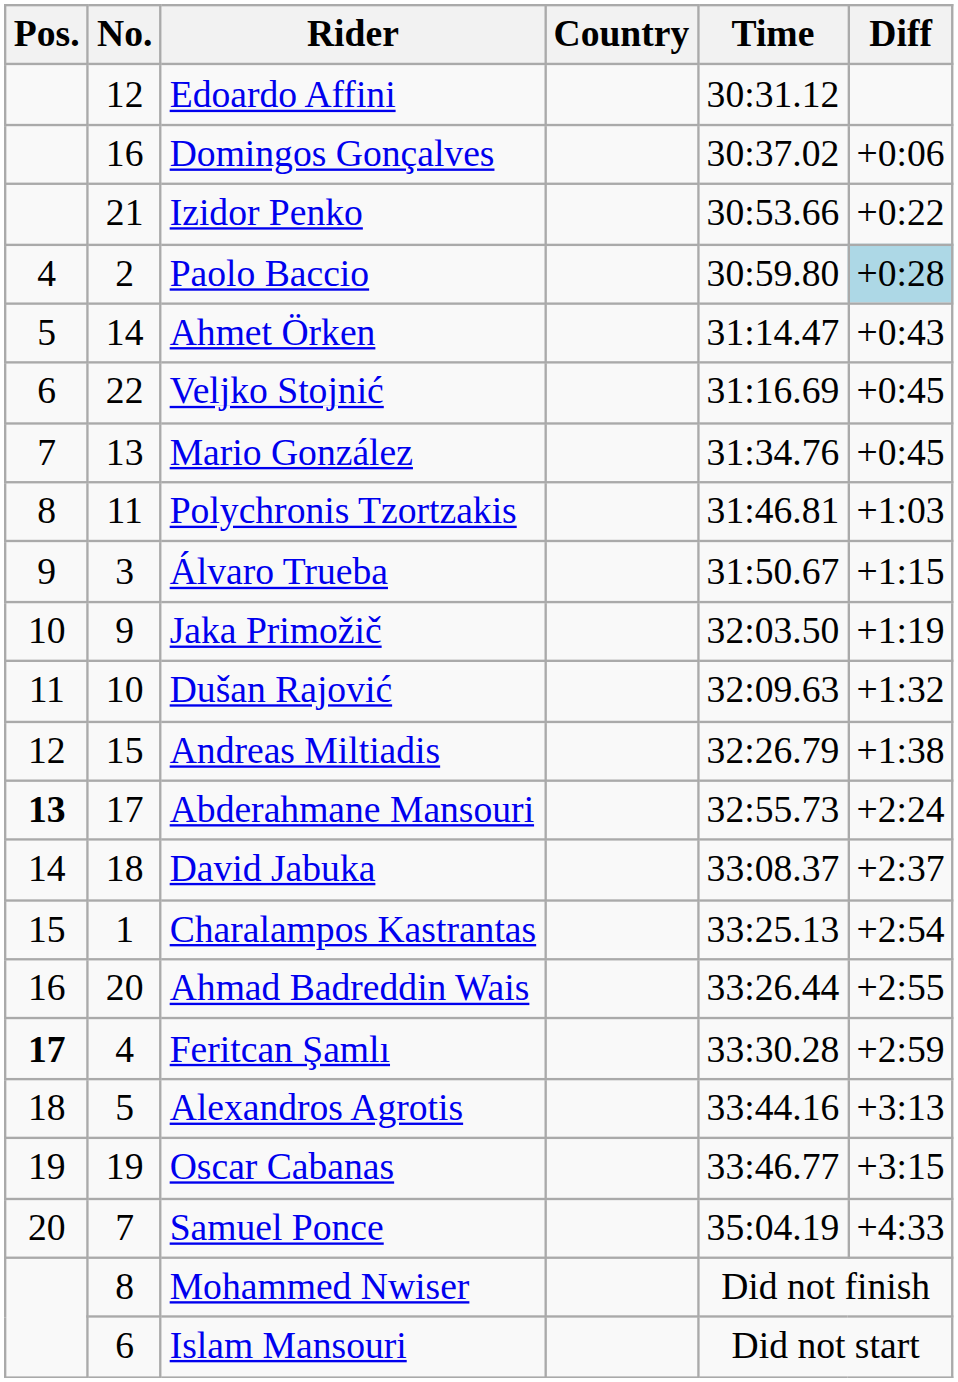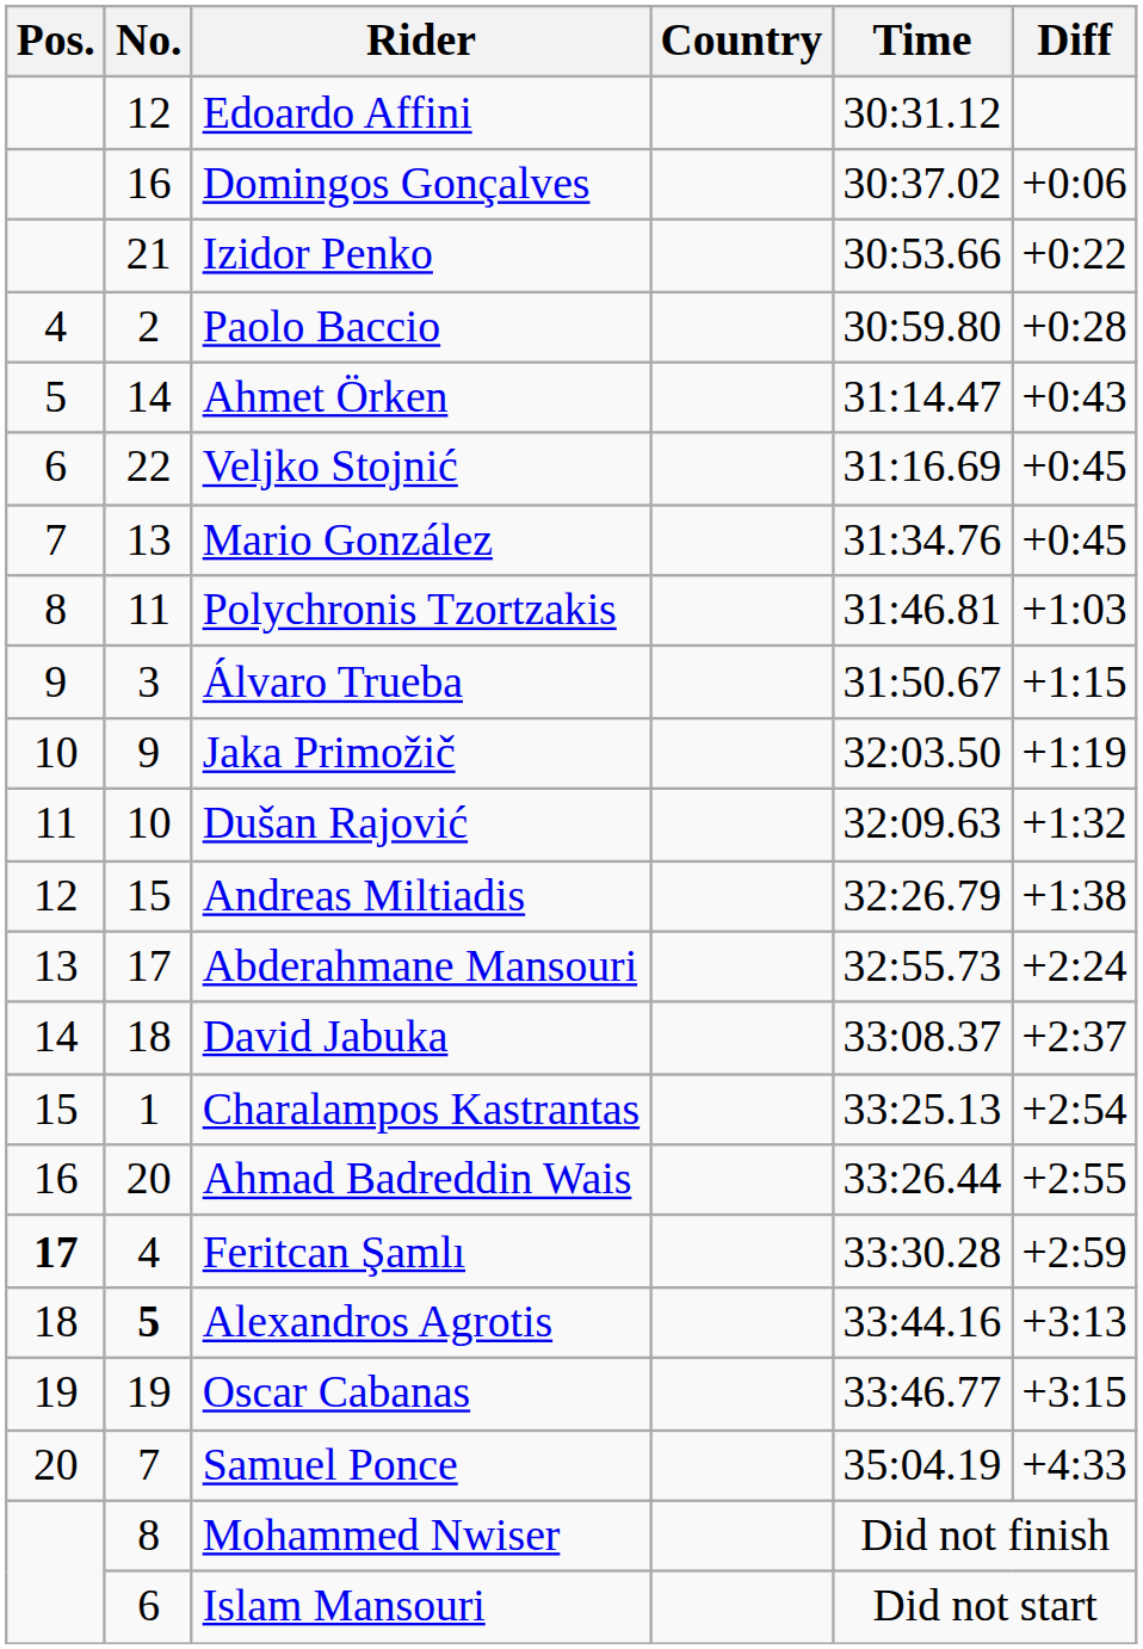 <table class="wikitable sortable" style="text-align:left;">
 <tr>
 <th scope="col">Pos.</th>
 <th scope="col">No.</th>
 <th scope="col">Rider</th>
 <th scope="col">Country</th>
 <th scope="col">Time</th>
 <th>Diff</th>
 </tr>
 <tr>
 <td align=center></td>
 <td align=center>12</td>
 <td data-sort-value="Affini, Edoardo"><a href='#'>Edoardo Affini</a></td>
 <td></td>
 <td>30:31.12</td>
 <td></td>
 </tr>
 <tr>
 <td align=center></td>
 <td align=center>16</td>
 <td data-sort-value="Gonçalves, Domingos"><a href='#'>Domingos Gonçalves</a></td>
 <td></td>
 <td>30:37.02</td>
 <td>+0:06</td>
 </tr>
 <tr>
 <td align=center></td>
 <td align=center>21</td>
 <td data-sort-value="Penko, Izidor"><a href='#'>Izidor Penko</a></td>
 <td></td>
 <td>30:53.66</td>
 <td>+0:22</td>
 </tr>
 <tr>
 <td align=center data-sort-value="04">4</td>
 <td align=center>2</td>
 <td data-sort-value="Baccio, Paolo"><a href='#'>Paolo Baccio</a></td>
 <td></td>
 <td>30:59.80</td>
-<td style="background: lightblue;">+0:28</td>
+<td>+0:28</td>
 </tr>
 <tr>
 <td align=center data-sort-value="05">5</td>
 <td align=center>14</td>
 <td data-sort-value="Orken, Ahmet"><a href='#'>Ahmet Örken</a></td>
 <td></td>
 <td>31:14.47</td>
 <td>+0:43</td>
 </tr>
 <tr>
 <td align=center data-sort-value="06">6</td>
 <td align=center>22</td>
 <td data-sort-value="Stojnic, Veljko"><a href='#'>Veljko Stojnić</a></td>
 <td></td>
 <td>31:16.69</td>
 <td>+0:45</td>
 </tr>
 <tr>
 <td align=center data-sort-value="07">7</td>
 <td align=center>13</td>
 <td data-sort-value="Gonzalez, Mario"><a href='#'>Mario González</a></td>
 <td></td>
 <td>31:34.76</td>
 <td>+0:45</td>
 </tr>
 <tr>
 <td align=center data-sort-value="08">8</td>
 <td align=center>11</td>
 <td data-sort-value="Tzortakis, Polychronis"><a href='#'>Polychronis Tzortzakis</a></td>
 <td></td>
 <td>31:46.81</td>
 <td>+1:03</td>
 </tr>
 <tr>
 <td align=center data-sort-value="09">9</td>
 <td align=center>3</td>
 <td data-sort-value="Trueba, Alvaro"><a href='#'>Álvaro Trueba</a></td>
 <td></td>
 <td>31:50.67</td>
 <td>+1:15</td>
 </tr>
 <tr>
 <td align=center>10</td>
 <td align=center>9</td>
 <td data-sort-value="Primozic, Jaka"><a href='#'>Jaka Primožič</a></td>
 <td></td>
 <td>32:03.50</td>
 <td>+1:19</td>
 </tr>
 <tr>
 <td align=center>11</td>
 <td align=center>10</td>
 <td data-sort-value="Rajovic, Dusan"><a href='#'>Dušan Rajović</a></td>
 <td></td>
 <td>32:09.63</td>
 <td>+1:32</td>
 </tr>
 <tr>
 <td align=center>12</td>
 <td align=center>15</td>
 <td data-sort-value="Miltiadis, Andreas"><a href='#'>Andreas Miltiadis</a></td>
 <td></td>
 <td>32:26.79</td>
 <td>+1:38</td>
 </tr>
 <tr>
-<td align=center><strong>13</strong></td>
+<td align=center>13</td>
 <td align=center>17</td>
 <td data-sort-value="Mansouri, Abderahmane"><a href='#'>Abderahmane Mansouri</a></td>
 <td></td>
 <td>32:55.73</td>
 <td>+2:24</td>
 </tr>
 <tr>
 <td align=center>14</td>
 <td align=center>18</td>
 <td data-sort-value="Jabuka, David"><a href='#'>David Jabuka</a></td>
 <td></td>
 <td>33:08.37</td>
 <td>+2:37</td>
 </tr>
 <tr>
 <td align=center>15</td>
 <td align=center>1</td>
 <td data-sort-value="Kastrantas, Charalampos"><a href='#'>Charalampos Kastrantas</a></td>
 <td></td>
 <td>33:25.13</td>
 <td>+2:54</td>
 </tr>
 <tr>
 <td align=center>16</td>
 <td align=center>20</td>
 <td data-sort-value="Wais, Ahmad Badreddin"><a href='#'>Ahmad Badreddin Wais</a></td>
 <td></td>
 <td>33:26.44</td>
 <td>+2:55</td>
 </tr>
 <tr>
 <td align=center><strong>17</strong></td>
 <td align=center>4</td>
 <td data-sort-value="Samli, Feritcan"><a href='#'>Feritcan Şamlı</a></td>
 <td></td>
 <td>33:30.28</td>
 <td>+2:59</td>
 </tr>
 <tr>
 <td align=center>18</td>
-<td align=center>5</td>
+<td align=center><strong>5</strong></td>
 <td data-sort-value="Agrotis, Alexandros"><a href='#'>Alexandros Agrotis</a></td>
 <td></td>
 <td>33:44.16</td>
 <td>+3:13</td>
 </tr>
 <tr>
 <td align=center>19</td>
 <td align=center>19</td>
 <td data-sort-value="Cabanas, Oscar"><a href='#'>Oscar Cabanas</a></td>
 <td></td>
 <td>33:46.77</td>
 <td>+3:15</td>
 </tr>
 <tr>
 <td align=center>20</td>
 <td align=center>7</td>
 <td data-sort-value="Ponce, Samuel"><a href='#'>Samuel Ponce</a></td>
 <td></td>
 <td>35:04.19</td>
 <td>+4:33</td>
 </tr>
 <tr>
 <td rowspan=2 align=center></td>
 <td align=center>8</td>
 <td data-sort-value="Nwiser, Mohammed"><a href='#'>Mohammed Nwiser</a></td>
 <td></td>
 <td colspan=2 align=center>Did not finish</td>
 </tr>
 <tr>
 <td align=center>6</td>
 <td data-sort-value="Mansouri, Islam"><a href='#'>Islam Mansouri</a></td>
 <td></td>
 <td colspan=2 align=center>Did not start</td>
 </tr>
 </table>
